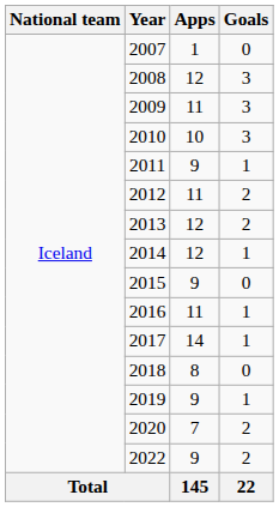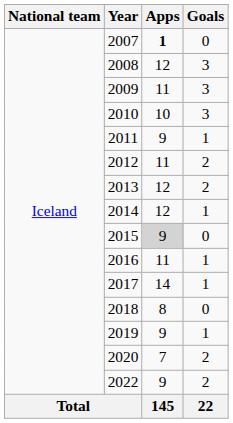 <table class="wikitable" style="text-align:center">
 <tr>
 <th>National team</th>
 <th>Year</th>
 <th>Apps</th>
 <th>Goals</th>
 </tr>
 <tr>
 <td rowspan="15"><a href='#'>Iceland</a></td>
 <td>2007</td>
-<td>1</td>
+<td><strong>1</strong></td>
 <td>0</td>
 </tr>
 <tr>
 <td>2008</td>
 <td>12</td>
 <td>3</td>
 </tr>
 <tr>
 <td>2009</td>
 <td>11</td>
 <td>3</td>
 </tr>
 <tr>
 <td>2010</td>
 <td>10</td>
 <td>3</td>
 </tr>
 <tr>
 <td>2011</td>
 <td>9</td>
 <td>1</td>
 </tr>
 <tr>
 <td>2012</td>
 <td>11</td>
 <td>2</td>
 </tr>
 <tr>
 <td>2013</td>
 <td>12</td>
 <td>2</td>
 </tr>
 <tr>
 <td>2014</td>
 <td>12</td>
 <td>1</td>
 </tr>
 <tr>
 <td>2015</td>
-<td>9</td>
+<td style="background: lightgrey;">9</td>
 <td>0</td>
 </tr>
 <tr>
 <td>2016</td>
 <td>11</td>
 <td>1</td>
 </tr>
 <tr>
 <td>2017</td>
 <td>14</td>
 <td>1</td>
 </tr>
 <tr>
 <td>2018</td>
 <td>8</td>
 <td>0</td>
 </tr>
 <tr>
 <td>2019</td>
 <td>9</td>
 <td>1</td>
 </tr>
 <tr>
 <td>2020</td>
 <td>7</td>
 <td>2</td>
 </tr>
 <tr>
 <td>2022</td>
 <td>9</td>
 <td>2</td>
 </tr>
 <tr>
 <th colspan="2">Total</th>
 <th>145</th>
 <th>22</th>
 </tr>
 </table>
